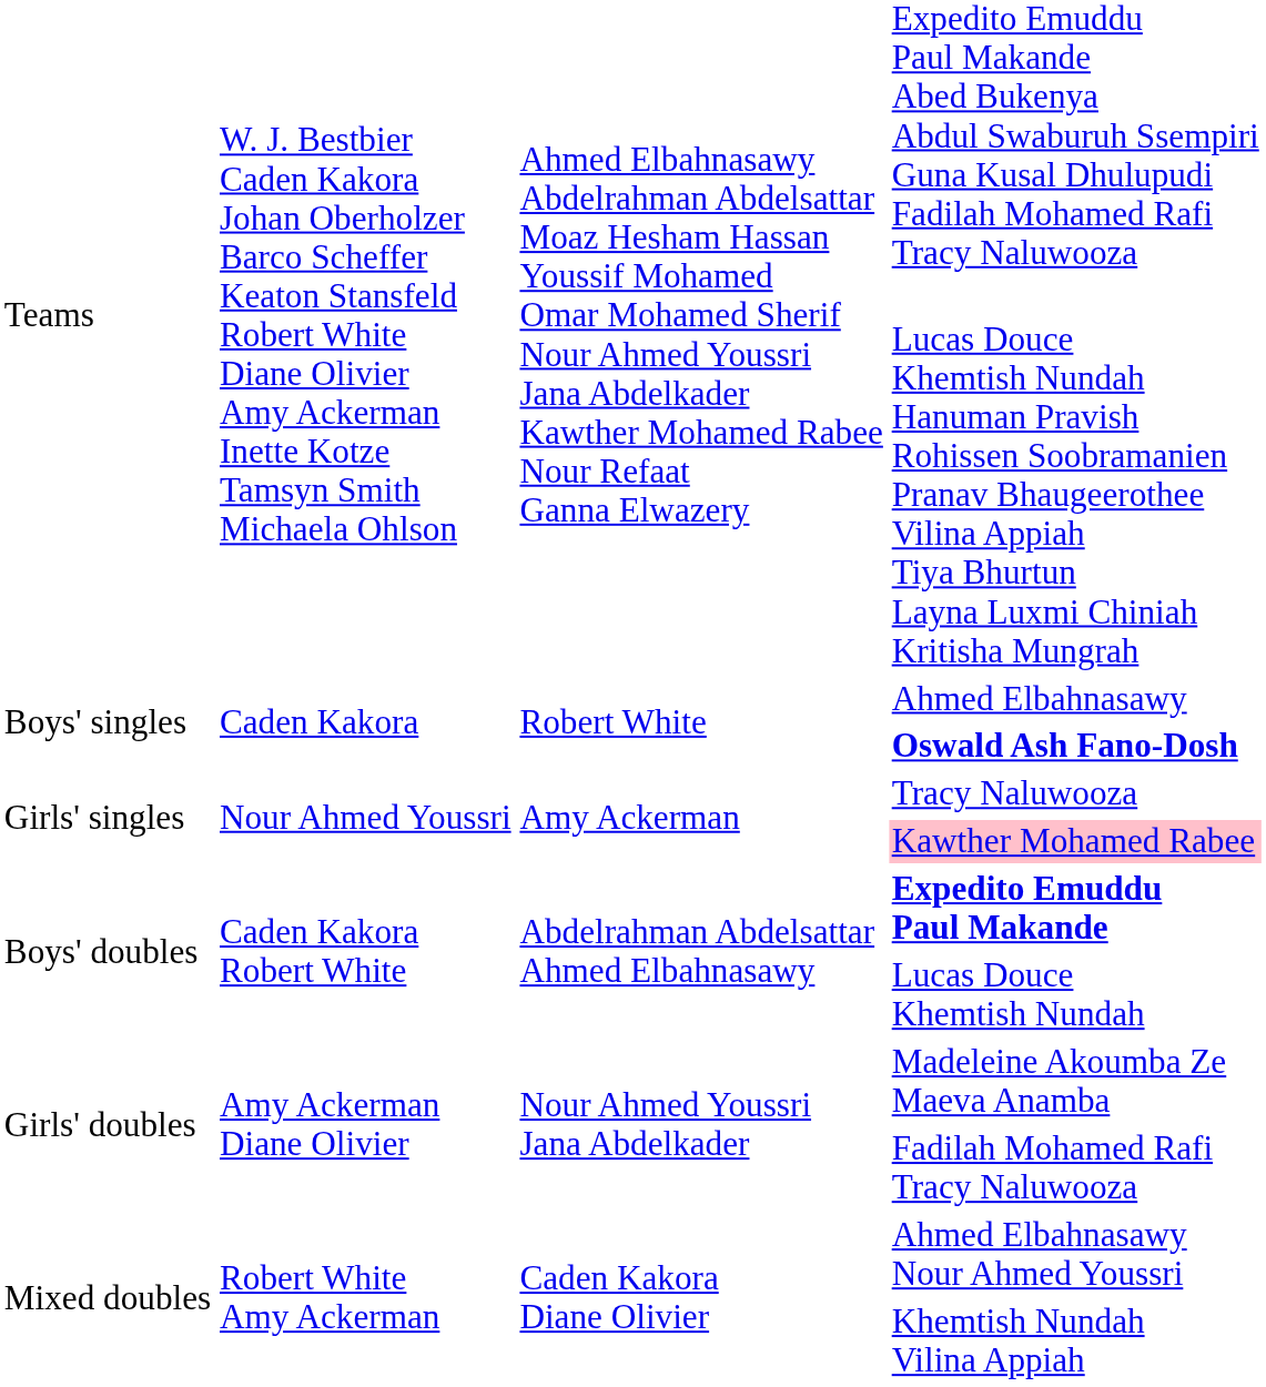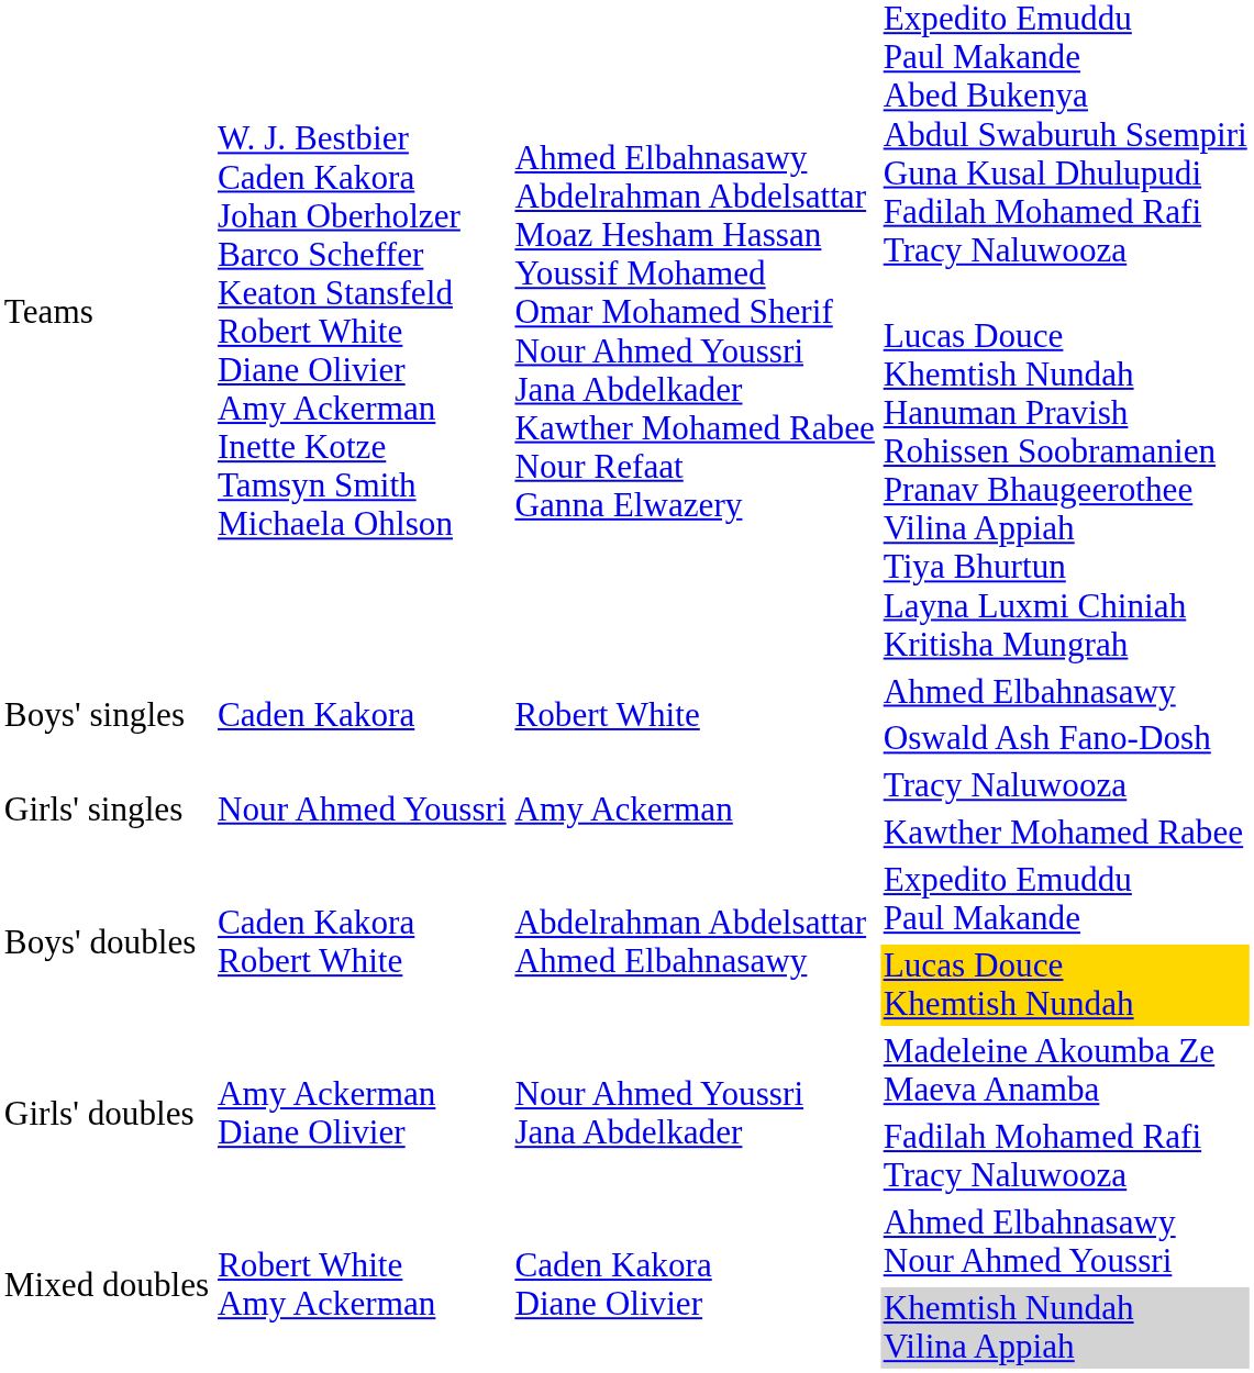 <table>
 <tr>
 <td rowspan=2>Teams</td>
 <td rowspan=2><br><a href='#'>W. J. Bestbier</a><br><a href='#'>Caden Kakora</a><br><a href='#'>Johan Oberholzer</a><br><a href='#'>Barco Scheffer</a><br><a href='#'>Keaton Stansfeld</a><br><a href='#'>Robert White</a><br><a href='#'>Diane Olivier</a><br><a href='#'>Amy Ackerman</a><br><a href='#'>Inette Kotze</a><br><a href='#'>Tamsyn Smith</a><br><a href='#'>Michaela Ohlson</a></td>
 <td rowspan=2><br><a href='#'>Ahmed Elbahnasawy</a><br><a href='#'>Abdelrahman Abdelsattar</a><br><a href='#'>Moaz Hesham Hassan</a><br><a href='#'>Youssif Mohamed</a><br><a href='#'>Omar Mohamed Sherif</a><br><a href='#'>Nour Ahmed Youssri</a><br><a href='#'>Jana Abdelkader</a><br><a href='#'>Kawther Mohamed Rabee</a><br><a href='#'>Nour Refaat</a><br><a href='#'>Ganna Elwazery</a></td>
 <td><br><a href='#'>Expedito Emuddu</a><br><a href='#'>Paul Makande</a><br><a href='#'>Abed Bukenya</a><br><a href='#'>Abdul Swaburuh Ssempiri</a><br><a href='#'>Guna Kusal Dhulupudi</a><br><a href='#'>Fadilah Mohamed Rafi</a><br><a href='#'>Tracy Naluwooza</a></td>
 </tr>
 <tr>
 <td><br><a href='#'>Lucas Douce</a><br><a href='#'>Khemtish Nundah</a><br><a href='#'>Hanuman Pravish</a><br><a href='#'>Rohissen Soobramanien</a><br><a href='#'>Pranav Bhaugeerothee</a><br><a href='#'>Vilina Appiah</a><br><a href='#'>Tiya Bhurtun</a><br><a href='#'>Layna Luxmi Chiniah</a><br><a href='#'>Kritisha Mungrah</a></td>
 </tr>
 <tr>
 <td rowspan=2>Boys' singles</td>
 <td rowspan=2> <a href='#'>Caden Kakora</a></td>
 <td rowspan=2> <a href='#'>Robert White</a></td>
 <td> <a href='#'>Ahmed Elbahnasawy</a></td>
 </tr>
 <tr>
-<td><strong> <a href='#'>Oswald Ash Fano-Dosh</a></strong></td>
+<td> <a href='#'>Oswald Ash Fano-Dosh</a></td>
 </tr>
 <tr>
 <td rowspan=2>Girls' singles</td>
 <td rowspan=2> <a href='#'>Nour Ahmed Youssri</a></td>
 <td rowspan=2> <a href='#'>Amy Ackerman</a></td>
 <td> <a href='#'>Tracy Naluwooza</a></td>
 </tr>
 <tr>
-<td style="background: pink;"> <a href='#'>Kawther Mohamed Rabee</a></td>
+<td> <a href='#'>Kawther Mohamed Rabee</a></td>
 </tr>
 <tr>
 <td rowspan=2>Boys' doubles</td>
 <td rowspan=2> <a href='#'>Caden Kakora</a> <br> <a href='#'>Robert White</a></td>
 <td rowspan=2> <a href='#'>Abdelrahman Abdelsattar</a> <br> <a href='#'>Ahmed Elbahnasawy</a></td>
-<td><strong> <a href='#'>Expedito Emuddu</a> <br> <a href='#'>Paul Makande</a></strong></td>
+<td> <a href='#'>Expedito Emuddu</a> <br> <a href='#'>Paul Makande</a></td>
 </tr>
 <tr>
-<td> <a href='#'>Lucas Douce</a> <br> <a href='#'>Khemtish Nundah</a></td>
+<td style="background: gold;"> <a href='#'>Lucas Douce</a> <br> <a href='#'>Khemtish Nundah</a></td>
 </tr>
 <tr>
 <td rowspan=2>Girls' doubles</td>
 <td rowspan=2> <a href='#'>Amy Ackerman</a> <br> <a href='#'>Diane Olivier</a></td>
 <td rowspan=2> <a href='#'>Nour Ahmed Youssri</a> <br> <a href='#'>Jana Abdelkader</a></td>
 <td> <a href='#'>Madeleine Akoumba Ze</a> <br> <a href='#'>Maeva Anamba</a></td>
 </tr>
 <tr>
 <td> <a href='#'>Fadilah Mohamed Rafi</a> <br> <a href='#'>Tracy Naluwooza</a></td>
 </tr>
 <tr>
 <td rowspan=2>Mixed doubles</td>
 <td rowspan=2> <a href='#'>Robert White</a> <br> <a href='#'>Amy Ackerman</a></td>
 <td rowspan=2> <a href='#'>Caden Kakora</a> <br> <a href='#'>Diane Olivier</a></td>
 <td> <a href='#'>Ahmed Elbahnasawy</a> <br> <a href='#'>Nour Ahmed Youssri</a></td>
 </tr>
 <tr>
-<td> <a href='#'>Khemtish Nundah</a> <br> <a href='#'>Vilina Appiah</a></td>
+<td style="background: lightgrey;"> <a href='#'>Khemtish Nundah</a> <br> <a href='#'>Vilina Appiah</a></td>
 </tr>
 </table>
